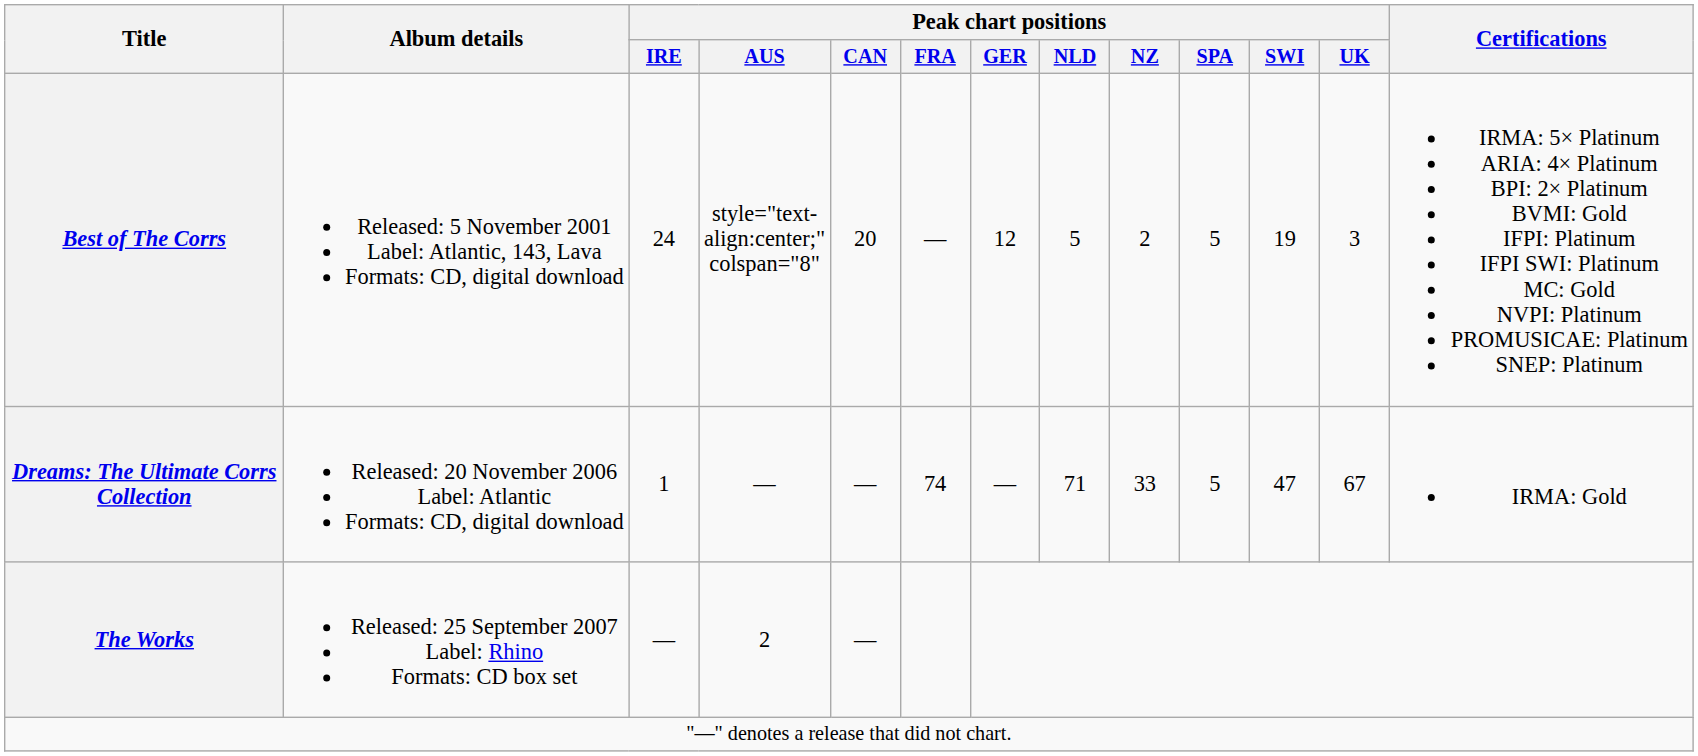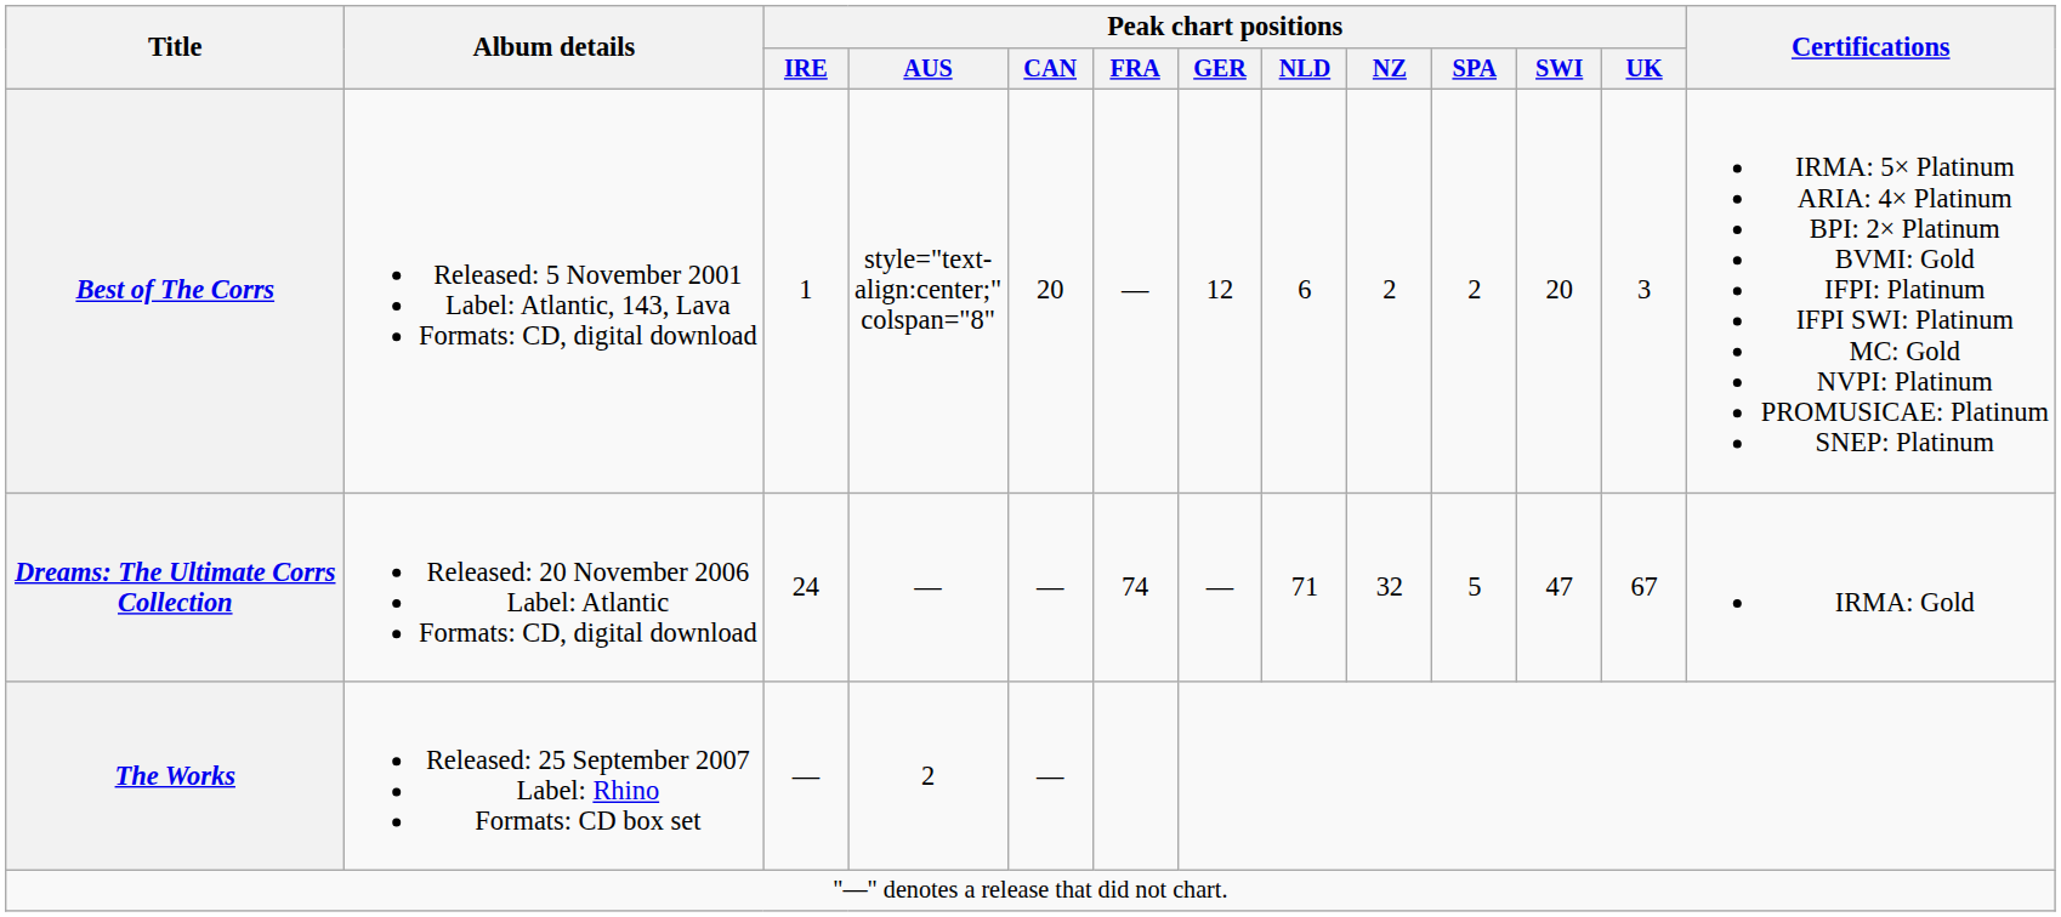 <table class="wikitable plainrowheaders" style="text-align:center;" border="1">
 <tr>
 <th scope="col" rowspan="2" style="width:12em;">Title</th>
 <th scope="col" rowspan="2">Album details</th>
 <th scope="col" colspan="10">Peak chart positions</th>
 <th scope="col" rowspan="2"><a href='#'>Certifications</a></th>
 </tr>
 <tr>
 <th scope="col" style="width:3em;font-size:90%;"><a href='#'>IRE</a><br></th>
 <th scope="col" style="width:3em;font-size:90%;"><a href='#'>AUS</a><br></th>
 <th scope="col" style="width:3em;font-size:90%;"><a href='#'>CAN</a><br></th>
 <th scope="col" style="width:3em;font-size:90%;"><a href='#'>FRA</a><br></th>
 <th scope="col" style="width:3em;font-size:90%;"><a href='#'>GER</a><br></th>
 <th scope="col" style="width:3em;font-size:90%;"><a href='#'>NLD</a><br></th>
 <th scope="col" style="width:3em;font-size:90%;"><a href='#'>NZ</a><br></th>
 <th scope="col" style="width:3em;font-size:90%;"><a href='#'>SPA</a><br></th>
 <th scope="col" style="width:3em;font-size:90%;"><a href='#'>SWI</a><br></th>
 <th scope="col" style="width:3em;font-size:90%;"><a href='#'>UK</a><br></th>
 </tr>
 <tr>
 <th scope="row"><em><a href='#'>Best of The Corrs</a></em></th>
 <td><br><ul><li>Released: 5 November 2001</li><li>Label: Atlantic, 143, Lava</li><li>Formats: CD, digital download</li></ul></td>
-<td>24</td>
+<td>1</td>
 <td>style="text-align:center;" colspan="8"</td>
 <td>20</td>
 <td>—</td>
 <td>12</td>
-<td>5</td>
+<td>6</td>
 <td>2</td>
-<td>5</td>
-<td>19</td>
+<td>2</td>
+<td>20</td>
 <td>3</td>
 <td><br><ul><li>IRMA: 5× Platinum</li><li>ARIA: 4× Platinum</li><li>BPI: 2× Platinum</li><li>BVMI: Gold</li><li>IFPI: Platinum</li><li>IFPI SWI: Platinum</li><li>MC: Gold</li><li>NVPI: Platinum</li><li>PROMUSICAE: Platinum</li><li>SNEP: Platinum</li></ul></td>
 </tr>
 <tr>
 <th scope="row"><em><a href='#'>Dreams: The Ultimate Corrs Collection</a></em></th>
 <td><br><ul><li>Released: 20 November 2006</li><li>Label: Atlantic</li><li>Formats: CD, digital download</li></ul></td>
-<td>1</td>
+<td>24</td>
 <td>—</td>
 <td>—</td>
 <td>74</td>
 <td>—</td>
 <td>71</td>
-<td>33</td>
+<td>32</td>
 <td>5</td>
 <td>47</td>
 <td>67</td>
 <td><br><ul><li>IRMA: Gold</li></ul></td>
 </tr>
 <tr>
 <th scope="row"><em><a href='#'>The Works</a></em></th>
 <td><br><ul><li>Released: 25 September 2007</li><li>Label: <a href='#'>Rhino</a></li><li>Formats: CD box set</li></ul></td>
 <td>—</td>
 <td>2</td>
 <td>—</td>
 <td></td>
 </tr>
 <tr>
 <td colspan="16" style="font-size:90%">"—" denotes a release that did not chart.</td>
 </tr>
 </table>
